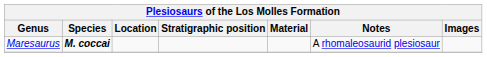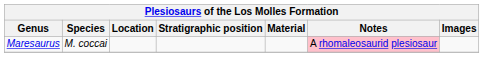 <table class="wikitable" align="center">
 <tr>
 <th colspan="7" align="center"><a href='#'>Plesiosaurs</a> of the Los Molles Formation</th>
 </tr>
 <tr>
 <th>Genus</th>
 <th>Species</th>
 <th>Location</th>
 <th>Stratigraphic position</th>
 <th>Material</th>
 <th>Notes</th>
 <th>Images</th>
 </tr>
 <tr>
 <td><em><a href='#'>Maresaurus</a></em></td>
-<td><strong><em>M. coccai</em></strong></td>
+<td><em>M. coccai</em></td>
 <td></td>
 <td></td>
 <td></td>
-<td>A <a href='#'>rhomaleosaurid</a> <a href='#'>plesiosaur</a></td>
+<td style="background: pink;">A <a href='#'>rhomaleosaurid</a> <a href='#'>plesiosaur</a></td>
 <td></td>
 </tr>
 <tr>
 </tr>
 </table>
